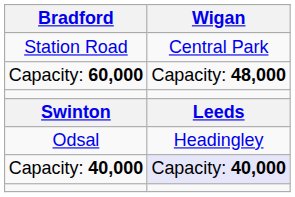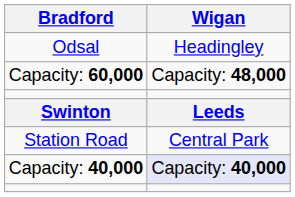 <table class="wikitable" style="text-align:center">
 <tr>
 <th><a href='#'>Bradford</a></th>
 <th><a href='#'>Wigan</a></th>
 </tr>
 <tr>
-<td><a href='#'>Station Road</a></td>
-<td><a href='#'>Central Park</a></td>
+<td><a href='#'>Odsal</a></td>
+<td><a href='#'>Headingley</a></td>
 </tr>
 <tr>
 <td>Capacity: <strong>60,000</strong></td>
 <td>Capacity: <strong>48,000</strong></td>
 </tr>
 <tr>
 <td></td>
 <td></td>
 </tr>
 <tr>
 <th><a href='#'>Swinton</a></th>
 <th><a href='#'>Leeds</a></th>
 </tr>
 <tr>
-<td><a href='#'>Odsal</a></td>
-<td><a href='#'>Headingley</a></td>
+<td><a href='#'>Station Road</a></td>
+<td><a href='#'>Central Park</a></td>
 </tr>
 <tr>
 <td>Capacity: <strong>40,000</strong></td>
 <td style="background: lavender;">Capacity: <strong>40,000</strong></td>
 </tr>
 <tr>
 <td></td>
 <td></td>
 </tr>
 </table>
